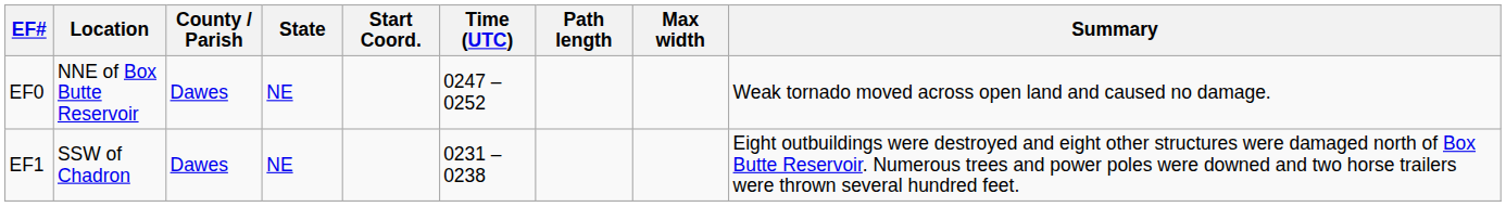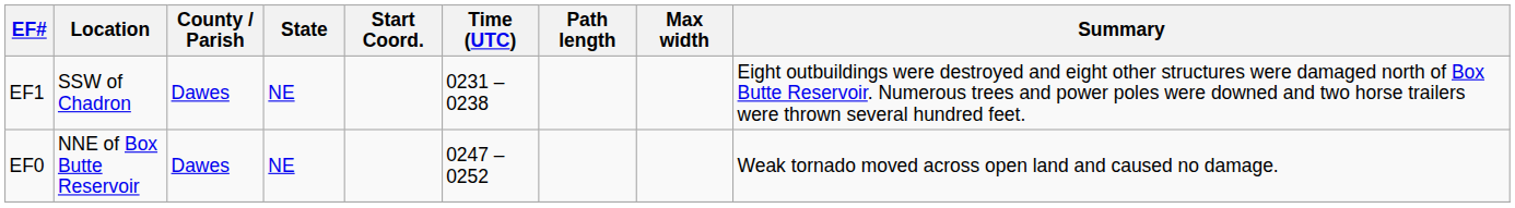 <table class="wikitable sortable" style="width:100%;">
 <tr>
 <th scope="col" width="3%" align="center"><a href='#'>EF#</a></th>
 <th scope="col" width="7%" align="center" class="unsortable">Location</th>
 <th scope="col" width="6%" align="center" class="unsortable">County / Parish</th>
 <th scope="col" width="5%" align="center">State</th>
 <th scope="col" width="6%" align="center">Start Coord.</th>
 <th scope="col" width="6%" align="center">Time (<a href='#'>UTC</a>)</th>
 <th scope="col" width="6%" align="center">Path length</th>
 <th scope="col" width="6%" align="center">Max width</th>
 <th scope="col" width="48%" class="unsortable" align="center">Summary</th>
 </tr>
 <tr>
+<td>EF1</td>
+<td>SSW of <a href='#'>Chadron</a></td>
+<td><a href='#'>Dawes</a></td>
+<td><a href='#'>NE</a></td>
+<td></td>
+<td>0231 – 0238</td>
+<td></td>
+<td></td>
+<td>Eight outbuildings were destroyed and eight other structures were damaged north of <a href='#'>Box Butte Reservoir</a>. Numerous trees and power poles were downed and two horse trailers were thrown several hundred feet.</td>
+</tr>
+<tr>
 <td>EF0</td>
 <td>NNE of <a href='#'>Box Butte Reservoir</a></td>
 <td><a href='#'>Dawes</a></td>
 <td><a href='#'>NE</a></td>
 <td></td>
 <td>0247 – 0252</td>
 <td></td>
 <td></td>
 <td>Weak tornado moved across open land and caused no damage.</td>
 </tr>
 <tr>
-<td>EF1</td>
-<td>SSW of <a href='#'>Chadron</a></td>
-<td><a href='#'>Dawes</a></td>
-<td><a href='#'>NE</a></td>
-<td></td>
-<td>0231 – 0238</td>
-<td></td>
-<td></td>
-<td>Eight outbuildings were destroyed and eight other structures were damaged north of <a href='#'>Box Butte Reservoir</a>. Numerous trees and power poles were downed and two horse trailers were thrown several hundred feet.</td>
-</tr>
-<tr>
 </tr>
 </table>
